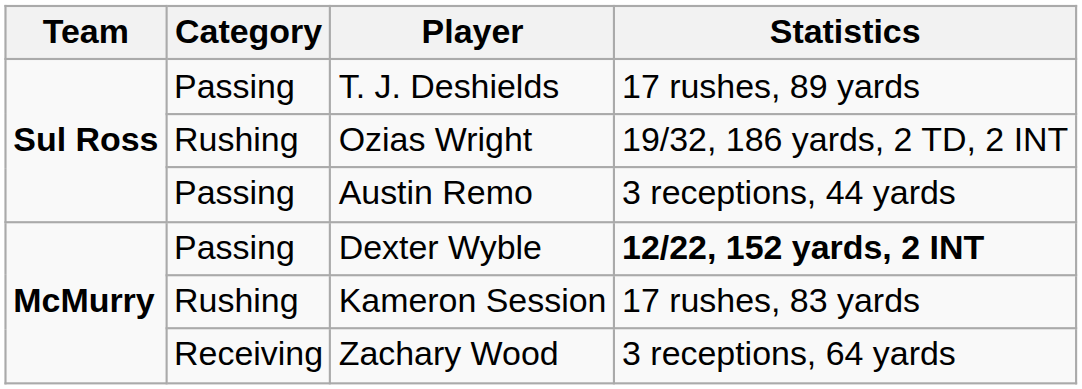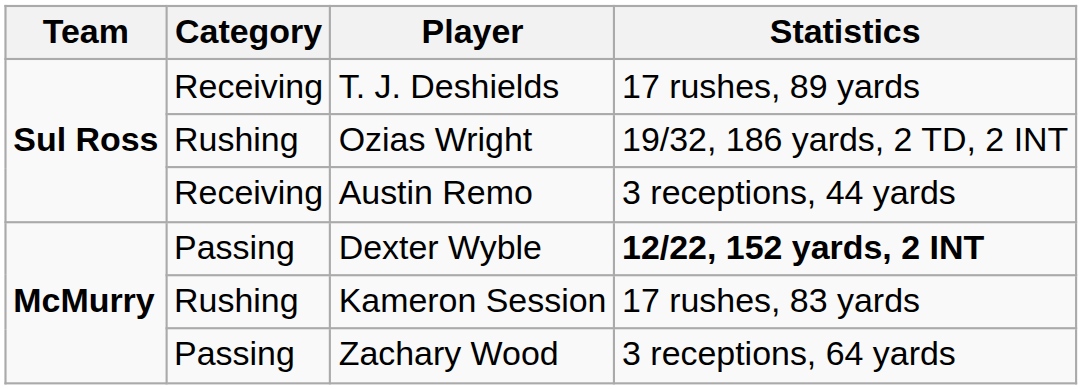 <table class="wikitable" style="float: right;">
 <tr>
 <th>Team</th>
 <th>Category</th>
 <th>Player</th>
 <th>Statistics</th>
 </tr>
 <tr>
 <td rowspan=3><strong>Sul Ross</strong></td>
-<td>Passing</td>
+<td>Receiving</td>
 <td>T. J. Deshields</td>
 <td>17 rushes, 89 yards</td>
 </tr>
 <tr>
 <td>Rushing</td>
 <td>Ozias Wright</td>
 <td>19/32, 186 yards, 2 TD, 2 INT</td>
 </tr>
 <tr>
-<td>Passing</td>
+<td>Receiving</td>
 <td>Austin Remo</td>
 <td>3 receptions, 44 yards</td>
 </tr>
 <tr>
 <td rowspan=3><strong>McMurry</strong></td>
 <td>Passing</td>
 <td>Dexter Wyble</td>
 <td><strong>12/22, 152 yards, 2 INT</strong></td>
 </tr>
 <tr>
 <td>Rushing</td>
 <td>Kameron Session</td>
 <td>17 rushes, 83 yards</td>
 </tr>
 <tr>
-<td>Receiving</td>
+<td>Passing</td>
 <td>Zachary Wood</td>
 <td>3 receptions, 64 yards</td>
 </tr>
 </table>
